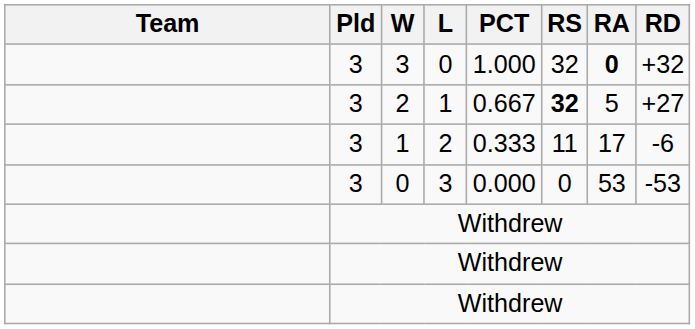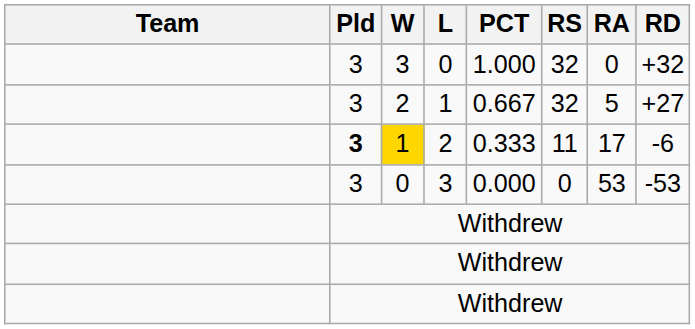 <table class=wikitable style="text-align:center">
 <tr>
 <th width=200>Team</th>
 <th width=20>Pld</th>
 <th width=20>W</th>
 <th width=20>L</th>
 <th width=40>PCT</th>
 <th width=20>RS</th>
 <th width=20>RA</th>
 <th width=20>RD</th>
 </tr>
 <tr>
 <td align=left><strong></strong></td>
 <td>3</td>
 <td>3</td>
 <td>0</td>
 <td>1.000</td>
 <td>32</td>
-<td><strong>0</strong></td>
+<td>0</td>
 <td>+32</td>
 </tr>
 <tr>
 <td align=left><strong></strong></td>
 <td>3</td>
 <td>2</td>
 <td>1</td>
 <td>0.667</td>
-<td><strong>32</strong></td>
+<td>32</td>
 <td>5</td>
 <td>+27</td>
 </tr>
 <tr>
 <td align=left></td>
-<td>3</td>
-<td>1</td>
+<td><strong>3</strong></td>
+<td style="background: gold;">1</td>
 <td>2</td>
 <td>0.333</td>
 <td>11</td>
 <td>17</td>
 <td>-6</td>
 </tr>
 <tr>
 <td align=left></td>
 <td>3</td>
 <td>0</td>
 <td>3</td>
 <td>0.000</td>
 <td>0</td>
 <td>53</td>
 <td>-53</td>
 </tr>
 <tr>
 <td align=left></td>
 <td colspan="7" align="center">Withdrew</td>
 </tr>
 <tr>
 <td align=left></td>
 <td colspan="7" align="center">Withdrew</td>
 </tr>
 <tr>
 <td align=left></td>
 <td colspan="7" align="center">Withdrew</td>
 </tr>
 </table>
